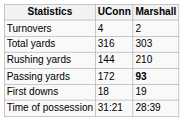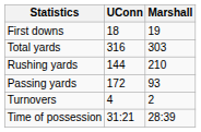 <table class="wikitable">
 <tr>
 <th>Statistics</th>
 <th>UConn</th>
 <th>Marshall</th>
 </tr>
 <tr>
-<td>Turnovers</td>
-<td>4</td>
-<td>2</td>
+<td>First downs</td>
+<td>18</td>
+<td>19</td>
 </tr>
 <tr>
 <td>Total yards</td>
 <td>316</td>
 <td>303</td>
 </tr>
 <tr>
 <td>Rushing yards</td>
 <td>144</td>
 <td>210</td>
 </tr>
 <tr>
 <td>Passing yards</td>
 <td>172</td>
-<td><strong>93</strong></td>
+<td>93</td>
 </tr>
 <tr>
-<td>First downs</td>
-<td>18</td>
-<td>19</td>
+<td>Turnovers</td>
+<td>4</td>
+<td>2</td>
 </tr>
 <tr>
 <td>Time of possession</td>
 <td>31:21</td>
 <td>28:39</td>
 </tr>
 </table>
